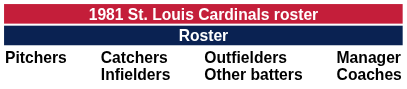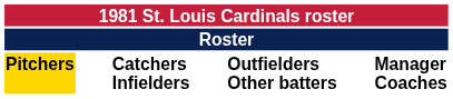 <table class="toccolours" style="font-size: 95%;">
 <tr>
 <th colspan="10" style="background-color: #c41e3a; color: white; text-align: center;">1981 St. Louis Cardinals roster</th>
 </tr>
 <tr>
 <td colspan="10" style="background-color: #0a2252; color: white; text-align: center;"><strong>Roster</strong></td>
 </tr>
 <tr>
-<td valign="top"><strong>Pitchers</strong><br>               </td>
+<td valign="top" style="background: gold;"><strong>Pitchers</strong><br>               </td>
 <td width="25px"></td>
 <td valign="top"><strong>Catchers</strong><br>    <strong>Infielders</strong>      </td>
 <td width="25px"></td>
 <td valign="top"><strong>Outfielders</strong><br>        <strong>Other batters</strong> </td>
 <td width="25px"></td>
 <td valign="top"><strong>Manager</strong><br> <strong>Coaches</strong>     </td>
 </tr>
 </table>
